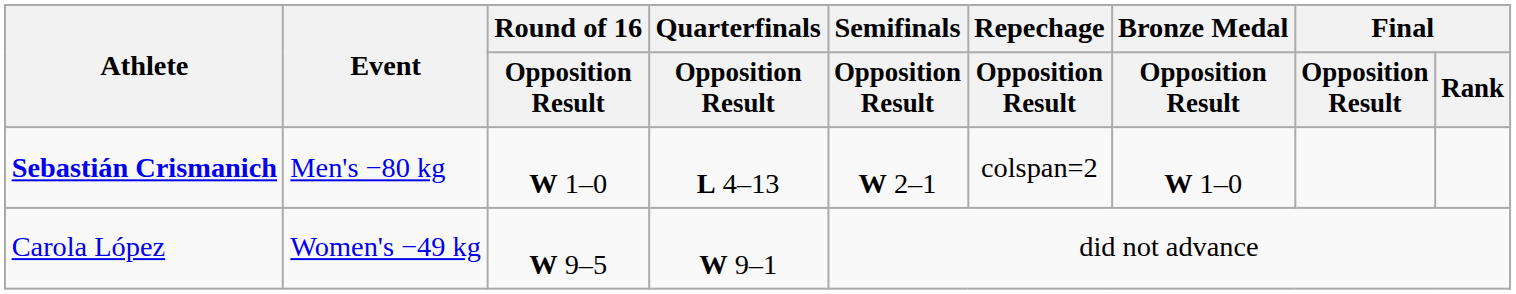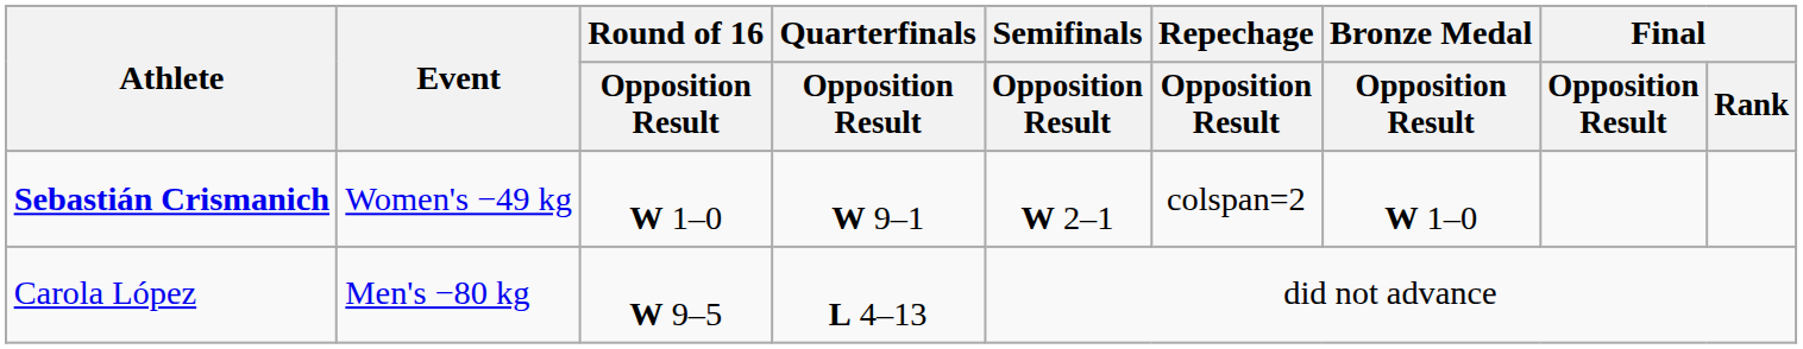 <table class="wikitable" style="font-size:90%">
 <tr>
 <th rowspan="2">Athlete</th>
 <th rowspan="2">Event</th>
 <th>Round of 16</th>
 <th>Quarterfinals</th>
 <th>Semifinals</th>
 <th>Repechage</th>
 <th>Bronze Medal</th>
 <th colspan=2>Final</th>
 </tr>
 <tr style="font-size:95%">
 <th>Opposition<br>Result</th>
 <th>Opposition<br>Result</th>
 <th>Opposition<br>Result</th>
 <th>Opposition<br>Result</th>
 <th>Opposition<br>Result</th>
 <th>Opposition<br>Result</th>
 <th>Rank</th>
 </tr>
 <tr align=center>
 <td align=left><strong><a href='#'>Sebastián Crismanich</a></strong></td>
-<td align=left><a href='#'>Men's −80 kg</a></td>
+<td align=left><a href='#'>Women's −49 kg</a></td>
 <td> <br> <strong>W</strong> 1–0 </td>
-<td> <br> <strong>L</strong> 4–13</td>
+<td><br> <strong>W</strong> 9–1</td>
 <td><br> <strong>W</strong> 2–1</td>
 <td>colspan=2 </td>
 <td><br> <strong>W</strong> 1–0</td>
 <td align=center></td>
 </tr>
 <tr align=center>
 <td align=left><a href='#'>Carola López</a></td>
-<td align=left><a href='#'>Women's −49 kg</a></td>
+<td align=left><a href='#'>Men's −80 kg</a></td>
 <td><br><strong>W</strong> 9–5</td>
-<td><br> <strong>W</strong> 9–1</td>
+<td> <br> <strong>L</strong> 4–13</td>
 <td colspan=5>did not advance</td>
 </tr>
 </table>
